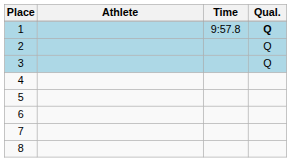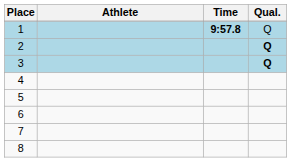 <table class=wikitable style="text-align:center">
 <tr>
 <th width=20>Place</th>
 <th width=240>Athlete</th>
 <th width=60>Time</th>
 <th width=50>Qual.</th>
 </tr>
 <tr>
 </tr>
 <tr bgcolor=lightblue>
 <td>1</td>
 <td align=left></td>
-<td>9:57.8</td>
-<td><strong>Q</strong></td>
+<td><strong>9:57.8</strong></td>
+<td>Q</td>
 </tr>
 <tr bgcolor=lightblue>
 <td>2</td>
 <td align=left></td>
 <td></td>
-<td>Q</td>
+<td><strong>Q</strong></td>
 </tr>
 <tr bgcolor=lightblue>
 <td>3</td>
 <td align=left></td>
 <td></td>
-<td>Q</td>
+<td><strong>Q</strong></td>
 </tr>
 <tr>
 <td>4</td>
 <td align=left></td>
 <td></td>
 <td></td>
 </tr>
 <tr>
 <td>5</td>
 <td align=left></td>
 <td></td>
 <td></td>
 </tr>
 <tr>
 <td>6</td>
 <td align=left></td>
 <td></td>
 <td></td>
 </tr>
 <tr>
 <td>7</td>
 <td align=left></td>
 <td></td>
 <td></td>
 </tr>
 <tr>
 <td>8</td>
 <td align=left></td>
 <td></td>
 <td></td>
 </tr>
 </table>
